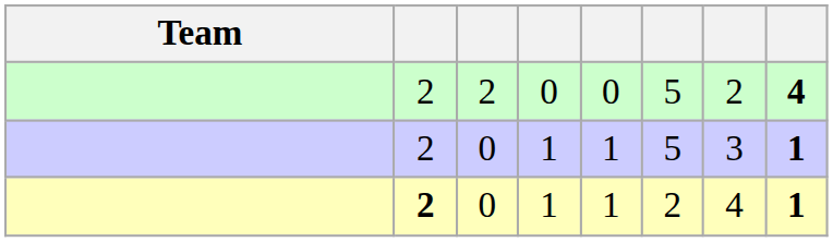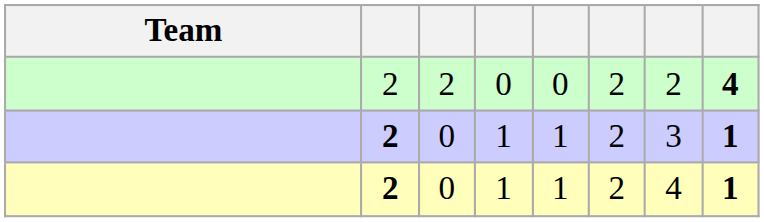 <table class="wikitable" style="text-align:center;">
 <tr>
 <th width=165>Team</th>
 <th width=20></th>
 <th width=20></th>
 <th width=20></th>
 <th width=20></th>
 <th width=20></th>
 <th width=20></th>
 <th width=20></th>
 </tr>
 <tr style="background:#cfc;">
 <td align="left"></td>
 <td>2</td>
 <td>2</td>
 <td>0</td>
 <td>0</td>
-<td>5</td>
+<td>2</td>
 <td>2</td>
 <td><strong>4</strong></td>
 </tr>
 <tr style="background:#ccccff;">
 <td align="left"></td>
-<td>2</td>
+<td><strong>2</strong></td>
 <td>0</td>
 <td>1</td>
 <td>1</td>
-<td>5</td>
+<td>2</td>
 <td>3</td>
 <td><strong>1</strong></td>
 </tr>
 <tr style="background:#FFFFBB">
 <td align="left"></td>
 <td><strong>2</strong></td>
 <td>0</td>
 <td>1</td>
 <td>1</td>
 <td>2</td>
 <td>4</td>
 <td><strong>1</strong></td>
 </tr>
 </table>
